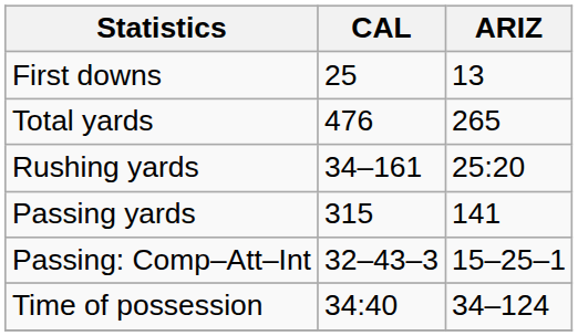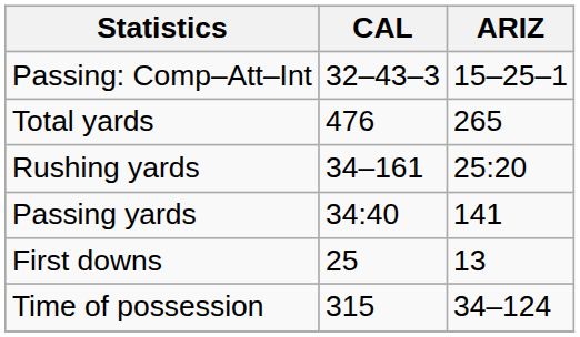 <table class="wikitable" style="float: left;">
 <tr>
 <th>Statistics</th>
 <th>CAL</th>
 <th>ARIZ</th>
 </tr>
 <tr>
-<td>First downs</td>
-<td>25</td>
-<td>13</td>
+<td>Passing: Comp–Att–Int</td>
+<td>32–43–3</td>
+<td>15–25–1</td>
 </tr>
 <tr>
 <td>Total yards</td>
 <td>476</td>
 <td>265</td>
 </tr>
 <tr>
 <td>Rushing yards</td>
 <td>34–161</td>
 <td>25:20</td>
 </tr>
 <tr>
 <td>Passing yards</td>
-<td>315</td>
+<td>34:40</td>
 <td>141</td>
 </tr>
 <tr>
-<td>Passing: Comp–Att–Int</td>
-<td>32–43–3</td>
-<td>15–25–1</td>
+<td>First downs</td>
+<td>25</td>
+<td>13</td>
 </tr>
 <tr>
 <td>Time of possession</td>
-<td>34:40</td>
+<td>315</td>
 <td>34–124</td>
 </tr>
 <tr>
 </tr>
 </table>
